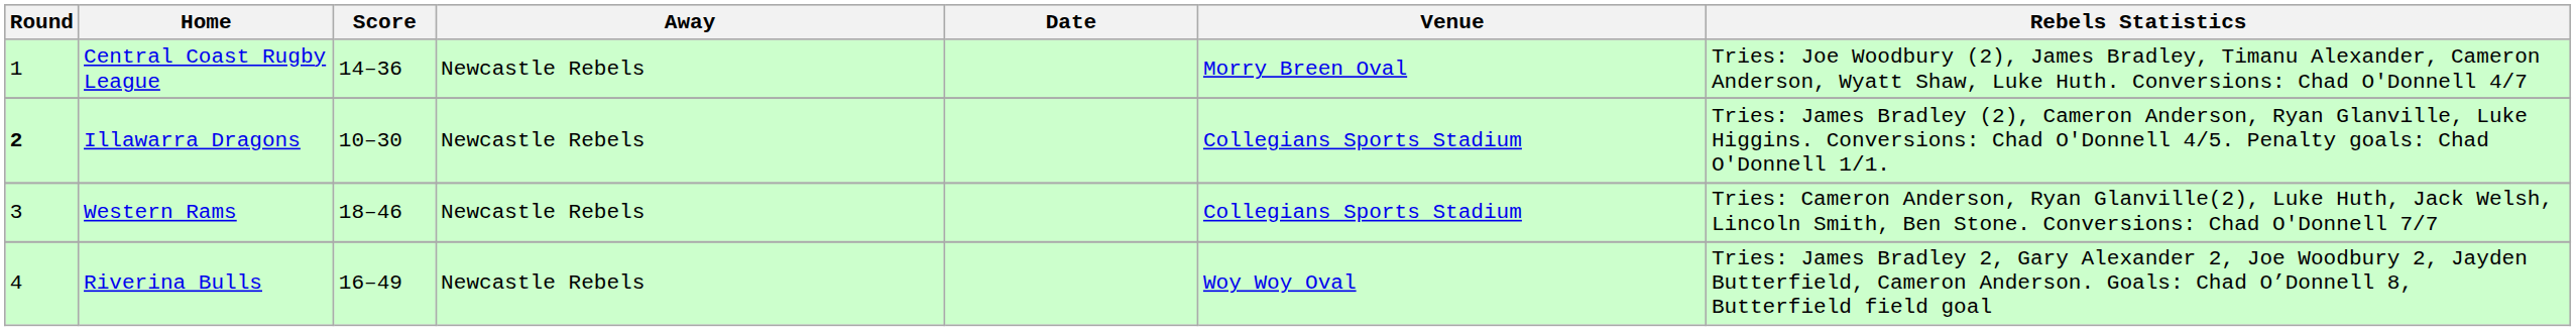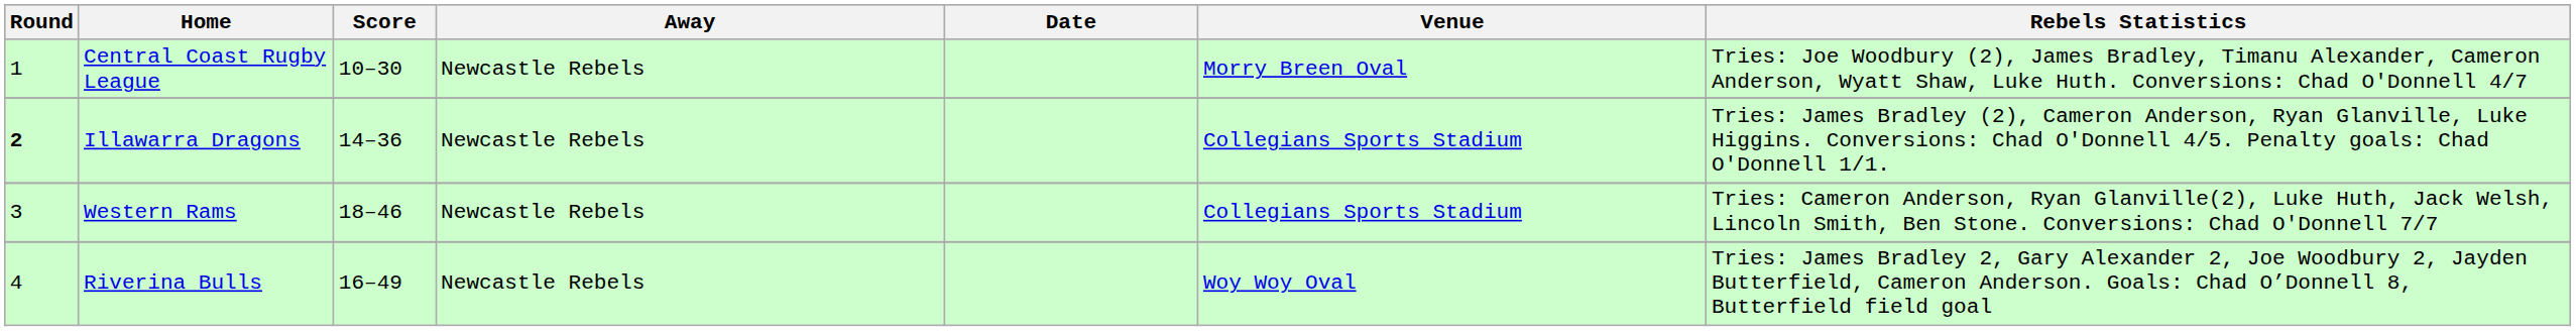 <table class="wikitable sortable">
 <tr>
 <th width=2%>Round</th>
 <th width=10%>Home</th>
 <th width=4%>Score</th>
 <th width=20%>Away</th>
 <th width=10%>Date</th>
 <th width=20%>Venue</th>
 <th width=34%>Rebels Statistics</th>
 </tr>
 <tr bgcolor=#ccffcc>
 <td>1</td>
 <td align=left><a href='#'>Central Coast Rugby League</a></td>
-<td>14–36</td>
+<td>10–30</td>
 <td align=left>Newcastle Rebels</td>
 <td></td>
 <td><a href='#'>Morry Breen Oval</a></td>
 <td>Tries: Joe Woodbury (2), James Bradley, Timanu Alexander, Cameron Anderson, Wyatt Shaw, Luke Huth. Conversions: Chad O'Donnell 4/7</td>
 </tr>
 <tr>
 </tr>
 <tr bgcolor=#ccffcc>
 <td><strong>2</strong></td>
 <td align=left><a href='#'>Illawarra Dragons</a></td>
-<td>10–30</td>
+<td>14–36</td>
 <td align=left>Newcastle Rebels</td>
 <td></td>
 <td><a href='#'>Collegians Sports Stadium</a></td>
 <td>Tries: James Bradley (2), Cameron Anderson, Ryan Glanville, Luke Higgins. Conversions: Chad O'Donnell 4/5. Penalty goals: Chad O'Donnell 1/1.</td>
 </tr>
 <tr>
 </tr>
 <tr bgcolor=#ccffcc>
 <td>3</td>
 <td align=left><a href='#'>Western Rams</a></td>
 <td>18–46</td>
 <td align=left>Newcastle Rebels</td>
 <td></td>
 <td><a href='#'>Collegians Sports Stadium</a></td>
 <td>Tries: Cameron Anderson, Ryan Glanville(2), Luke Huth, Jack Welsh, Lincoln Smith, Ben Stone. Conversions: Chad O'Donnell 7/7</td>
 </tr>
 <tr>
 </tr>
 <tr bgcolor=#ccffcc>
 <td>4</td>
 <td align=left><a href='#'>Riverina Bulls</a></td>
 <td>16–49</td>
 <td align=left>Newcastle Rebels</td>
 <td></td>
 <td><a href='#'>Woy Woy Oval</a></td>
 <td>Tries: James Bradley 2, Gary Alexander 2, Joe Woodbury 2, Jayden Butterfield, Cameron Anderson. Goals: Chad O’Donnell 8, Butterfield field goal</td>
 </tr>
 </table>
